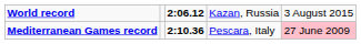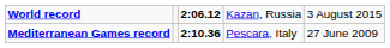 <table class="wikitable">
 <tr>
 <td><strong><a href='#'>World record</a></strong></td>
 <td></td>
 <td><strong>2:06.12</strong></td>
 <td><a href='#'>Kazan</a>, Russia</td>
 <td>3 August 2015</td>
 </tr>
 <tr>
 <td><strong><a href='#'>Mediterranean Games record</a></strong></td>
 <td></td>
 <td><strong>2:10.36</strong></td>
 <td><a href='#'>Pescara</a>, Italy</td>
-<td style="background: pink;">27 June 2009</td>
+<td>27 June 2009</td>
 </tr>
 </table>
